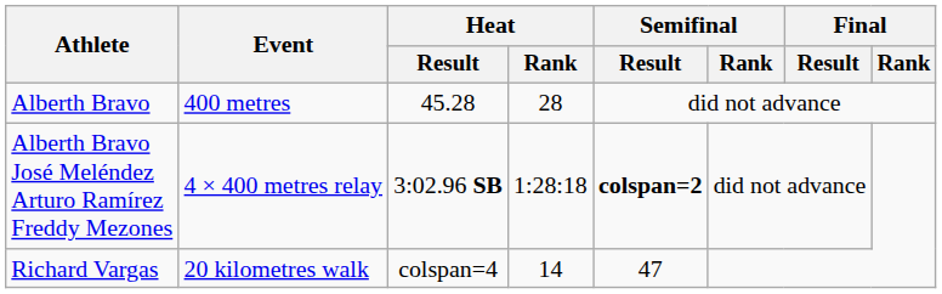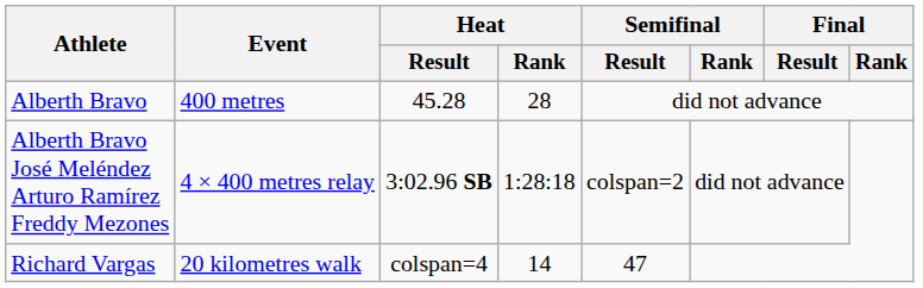 <table class="wikitable" style="font-size:90%">
 <tr>
 <th rowspan="2">Athlete</th>
 <th rowspan="2">Event</th>
 <th colspan="2">Heat</th>
 <th colspan="2">Semifinal</th>
 <th colspan="2">Final</th>
 </tr>
 <tr style="font-size:95%">
 <th>Result</th>
 <th>Rank</th>
 <th>Result</th>
 <th>Rank</th>
 <th>Result</th>
 <th>Rank</th>
 </tr>
 <tr style=text-align:center>
 <td style=text-align:left><a href='#'>Alberth Bravo</a></td>
 <td style=text-align:left><a href='#'>400 metres</a></td>
 <td>45.28</td>
 <td>28</td>
 <td colspan=6>did not advance</td>
 </tr>
 <tr style=text-align:center>
 <td style=text-align:left><a href='#'>Alberth Bravo</a><br><a href='#'>José Meléndez</a><br><a href='#'>Arturo Ramírez</a><br><a href='#'>Freddy Mezones</a></td>
 <td style=text-align:left><a href='#'>4 × 400 metres relay</a></td>
 <td>3:02.96 <strong>SB</strong></td>
 <td>1:28:18</td>
-<td><strong>colspan=2 </strong></td>
+<td>colspan=2 </td>
 <td colspan=2>did not advance</td>
 </tr>
 <tr style=text-align:center>
 <td style=text-align:left><a href='#'>Richard Vargas</a></td>
 <td style=text-align:left><a href='#'>20 kilometres walk</a></td>
 <td>colspan=4 </td>
 <td>14</td>
 <td>47</td>
 </tr>
 </table>
